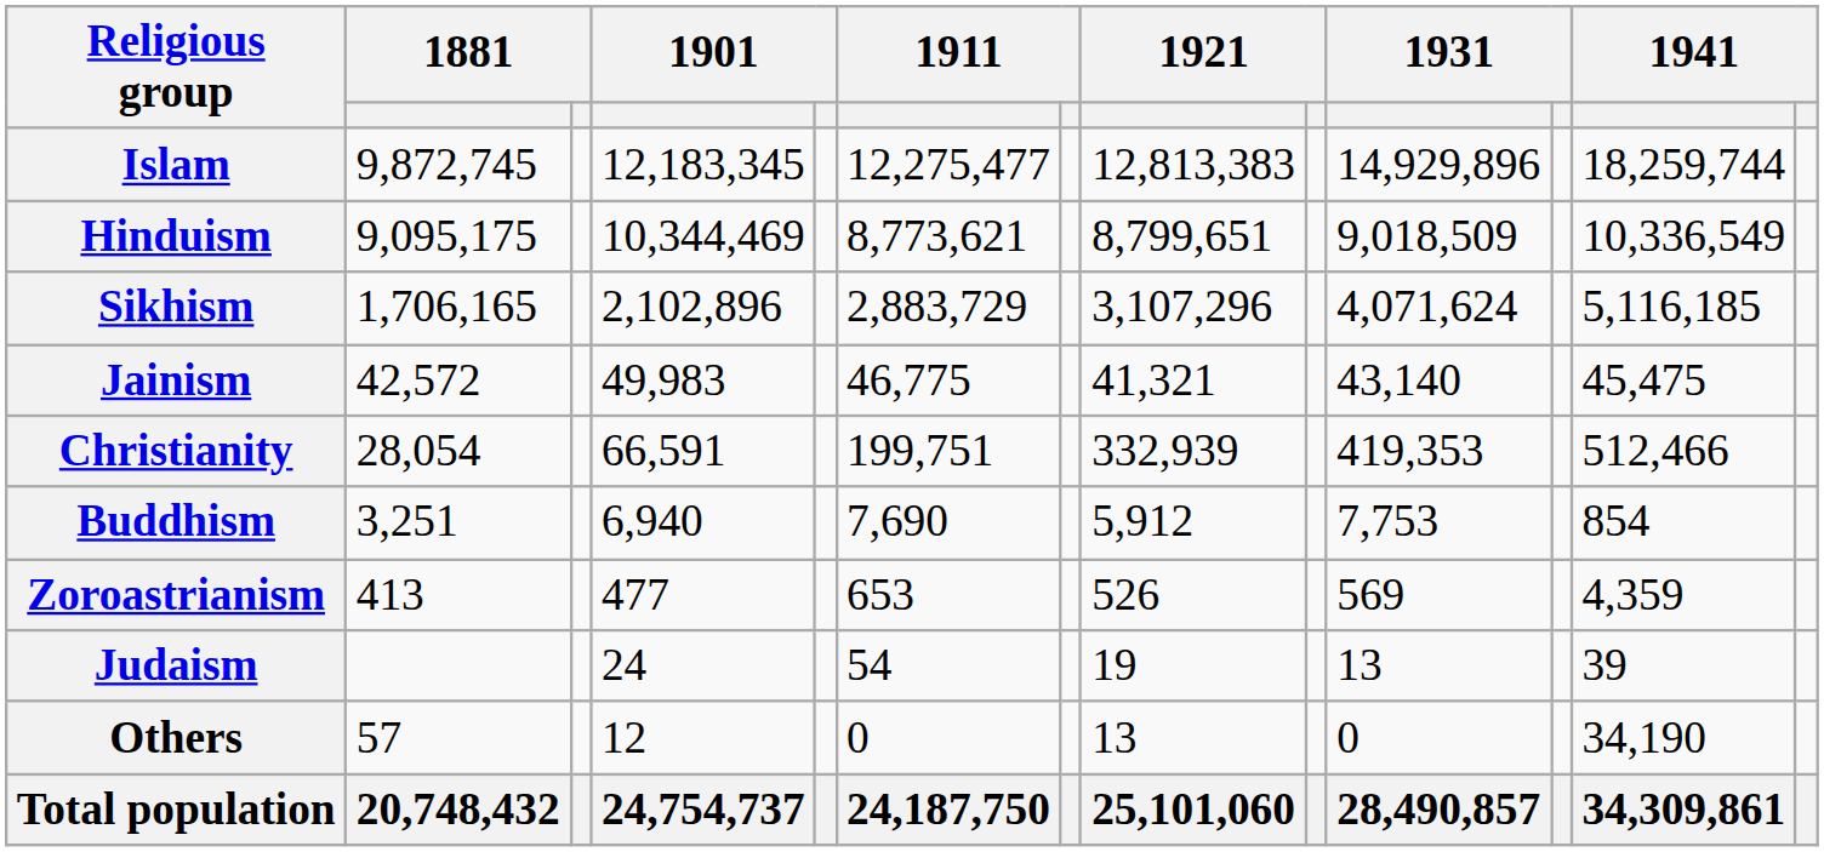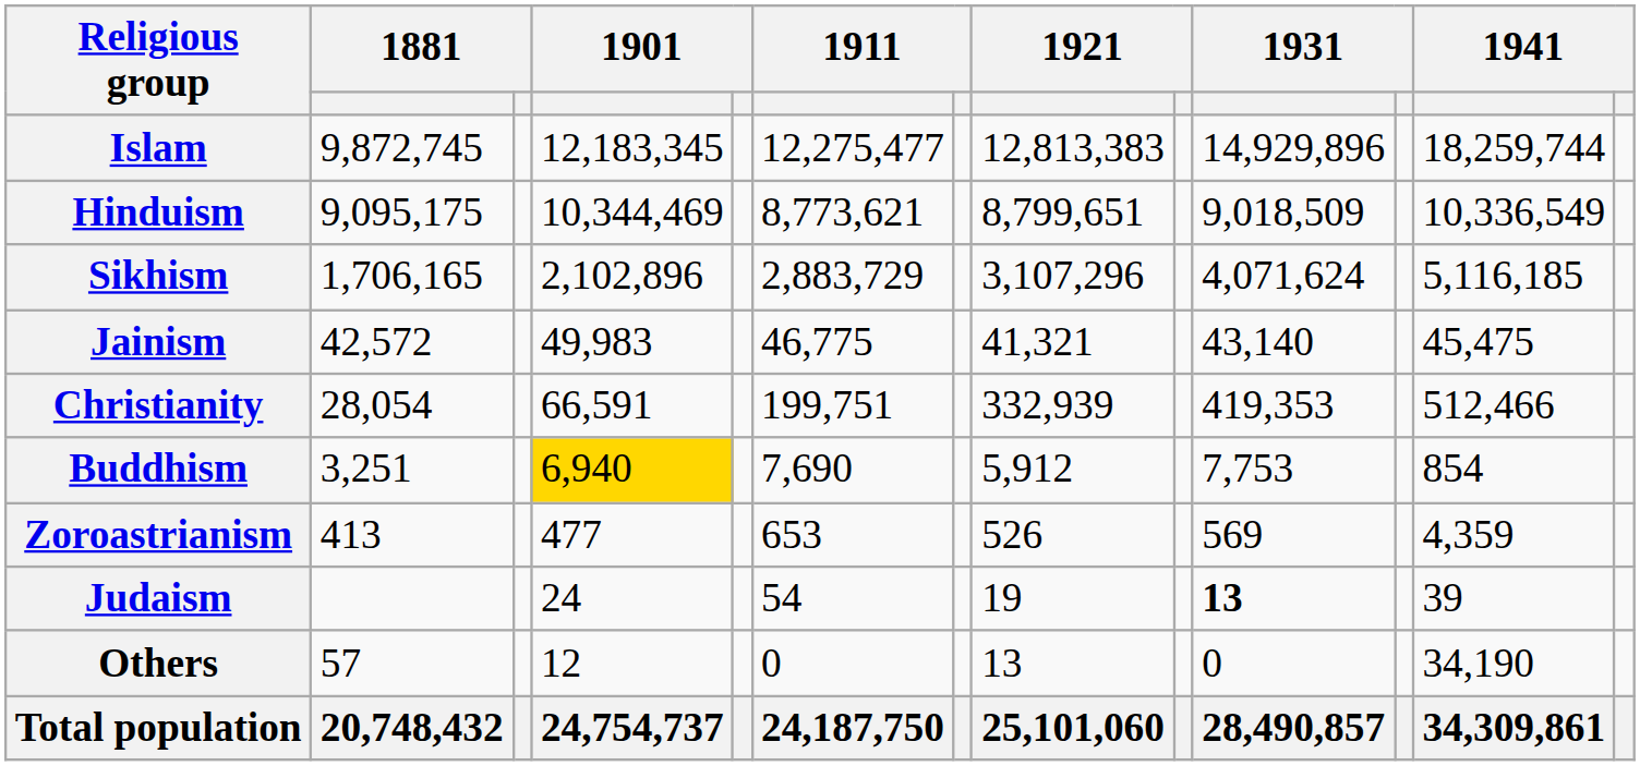 <table class="wikitable collapsible sortable">
 <tr>
 <th rowspan="2"><a href='#'>Religious</a><br>group</th>
 <th colspan="2">1881</th>
 <th colspan="2">1901</th>
 <th colspan="2">1911</th>
 <th colspan="2">1921</th>
 <th colspan="2">1931</th>
 <th colspan="2">1941</th>
 </tr>
 <tr>
 <th><a href='#'></a></th>
 <th></th>
 <th></th>
 <th></th>
 <th></th>
 <th></th>
 <th></th>
 <th></th>
 <th></th>
 <th></th>
 <th></th>
 <th></th>
 </tr>
 <tr>
 <th><a href='#'>Islam</a> </th>
 <td>9,872,745</td>
 <td></td>
 <td>12,183,345</td>
 <td></td>
 <td>12,275,477</td>
 <td></td>
 <td>12,813,383</td>
 <td></td>
 <td>14,929,896</td>
 <td></td>
 <td>18,259,744</td>
 <td></td>
 </tr>
 <tr>
 <th><a href='#'>Hinduism</a> </th>
 <td>9,095,175</td>
 <td></td>
 <td>10,344,469</td>
 <td></td>
 <td>8,773,621</td>
 <td></td>
 <td>8,799,651</td>
 <td></td>
 <td>9,018,509</td>
 <td></td>
 <td>10,336,549</td>
 <td></td>
 </tr>
 <tr>
 <th><a href='#'>Sikhism</a> </th>
 <td>1,706,165</td>
 <td></td>
 <td>2,102,896</td>
 <td></td>
 <td>2,883,729</td>
 <td></td>
 <td>3,107,296</td>
 <td></td>
 <td>4,071,624</td>
 <td></td>
 <td>5,116,185</td>
 <td></td>
 </tr>
 <tr>
 <th><a href='#'>Jainism</a> </th>
 <td>42,572</td>
 <td></td>
 <td>49,983</td>
 <td></td>
 <td>46,775</td>
 <td></td>
 <td>41,321</td>
 <td></td>
 <td>43,140</td>
 <td></td>
 <td>45,475</td>
 <td></td>
 </tr>
 <tr>
 <th><a href='#'>Christianity</a> </th>
 <td>28,054</td>
 <td></td>
 <td>66,591</td>
 <td></td>
 <td>199,751</td>
 <td></td>
 <td>332,939</td>
 <td></td>
 <td>419,353</td>
 <td></td>
 <td>512,466</td>
 <td></td>
 </tr>
 <tr>
 <th><a href='#'>Buddhism</a> </th>
 <td>3,251</td>
 <td></td>
-<td>6,940</td>
+<td style="background: gold;">6,940</td>
 <td></td>
 <td>7,690</td>
 <td></td>
 <td>5,912</td>
 <td></td>
 <td>7,753</td>
 <td></td>
 <td>854</td>
 <td></td>
 </tr>
 <tr>
 <th><a href='#'>Zoroastrianism</a> </th>
 <td>413</td>
 <td></td>
 <td>477</td>
 <td></td>
 <td>653</td>
 <td></td>
 <td>526</td>
 <td></td>
 <td>569</td>
 <td></td>
 <td>4,359</td>
 <td></td>
 </tr>
 <tr>
 <th><a href='#'>Judaism</a> </th>
 <td></td>
 <td></td>
 <td>24</td>
 <td></td>
 <td>54</td>
 <td></td>
 <td>19</td>
 <td></td>
-<td>13</td>
+<td><strong>13</strong></td>
 <td></td>
 <td>39</td>
 <td></td>
 </tr>
 <tr>
 <th>Others</th>
 <td>57</td>
 <td></td>
 <td>12</td>
 <td></td>
 <td>0</td>
 <td></td>
 <td>13</td>
 <td></td>
 <td>0</td>
 <td></td>
 <td>34,190</td>
 <td></td>
 </tr>
 <tr>
 <th>Total population</th>
 <th>20,748,432</th>
 <th></th>
 <th>24,754,737</th>
 <th></th>
 <th>24,187,750</th>
 <th></th>
 <th>25,101,060</th>
 <th></th>
 <th>28,490,857</th>
 <th></th>
 <th>34,309,861</th>
 <th></th>
 </tr>
 </table>
